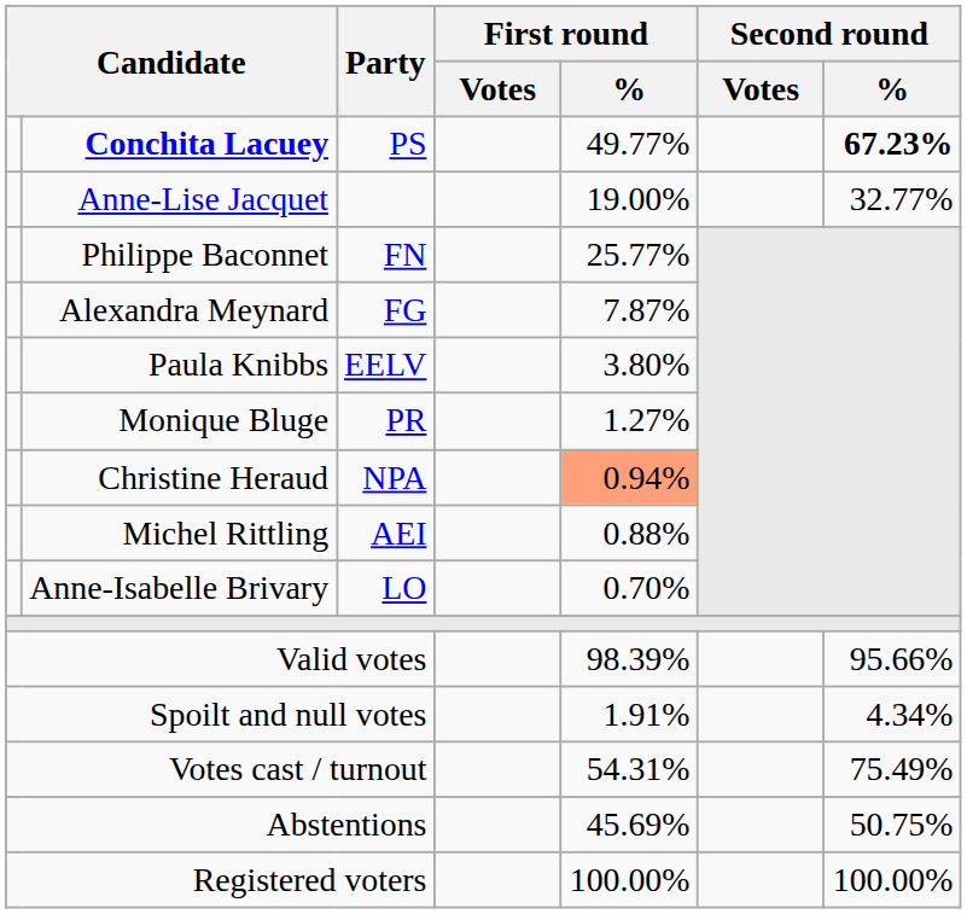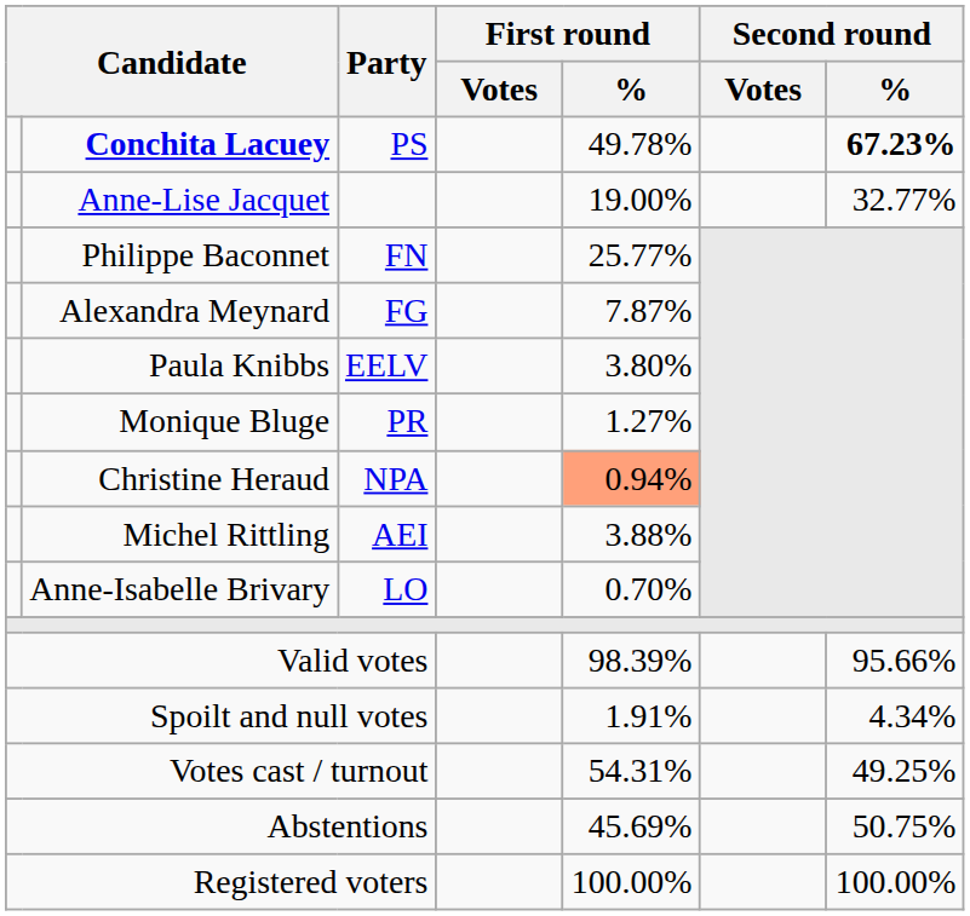 <table class="wikitable" style="text-align:right;font-size:95%;">
 <tr>
 <th rowspan=2 colspan=2>Candidate</th>
 <th rowspan=2 colspan=1>Party</th>
 <th colspan=2>First round</th>
 <th colspan=2>Second round</th>
 </tr>
 <tr>
 <th style="width:50px;">Votes</th>
 <th style="width:55px;">%</th>
 <th style="width:50px;">Votes</th>
 <th style="width:55px;">%</th>
 </tr>
 <tr>
 <td style="color:inherit;background-color:"></td>
 <td><strong><a href='#'>Conchita Lacuey</a></strong></td>
 <td><a href='#'>PS</a></td>
 <td></td>
-<td>49.77%</td>
+<td>49.78%</td>
 <td><strong></strong></td>
 <td><strong>67.23%</strong></td>
 </tr>
 <tr>
 <td style="background-color:;"></td>
 <td><a href='#'>Anne-Lise Jacquet</a></td>
 <td></td>
 <td></td>
 <td>19.00%</td>
 <td></td>
 <td>32.77%</td>
 </tr>
 <tr>
 <td style="color:inherit;background-color:"></td>
 <td>Philippe Baconnet</td>
 <td><a href='#'>FN</a></td>
 <td></td>
 <td>25.77%</td>
 <td colspan=7 rowspan=7 style="background-color:#E9E9E9;"></td>
 </tr>
 <tr>
 <td style="color:inherit;background-color:"></td>
 <td>Alexandra Meynard</td>
 <td><a href='#'>FG</a></td>
 <td></td>
 <td>7.87%</td>
 </tr>
 <tr>
 <td style="color:inherit;background-color:"></td>
 <td>Paula Knibbs</td>
 <td><a href='#'>EELV</a></td>
 <td></td>
 <td>3.80%</td>
 </tr>
 <tr>
 <td style="color:inherit;background-color:"></td>
 <td>Monique Bluge</td>
 <td><a href='#'>PR</a></td>
 <td></td>
 <td>1.27%</td>
 </tr>
 <tr>
 <td style="color:inherit;background-color:"></td>
 <td>Christine Heraud</td>
 <td><a href='#'>NPA</a></td>
 <td></td>
 <td style="background: lightsalmon;">0.94%</td>
 </tr>
 <tr>
 <td style="color:inherit;background-color:"></td>
 <td>Michel Rittling</td>
 <td><a href='#'>AEI</a></td>
 <td></td>
-<td>0.88%</td>
+<td>3.88%</td>
 </tr>
 <tr>
 <td style="color:inherit;background-color:"></td>
 <td>Anne-Isabelle Brivary</td>
 <td><a href='#'>LO</a></td>
 <td></td>
 <td>0.70%</td>
 </tr>
 <tr>
 <td colspan=7 style="background-color:#E9E9E9;"></td>
 </tr>
 <tr>
 <td colspan=3>Valid votes</td>
 <td></td>
 <td>98.39%</td>
 <td></td>
 <td>95.66%</td>
 </tr>
 <tr>
 <td colspan=3>Spoilt and null votes</td>
 <td></td>
 <td>1.91%</td>
 <td></td>
 <td>4.34%</td>
 </tr>
 <tr>
 <td colspan=3>Votes cast / turnout</td>
 <td></td>
 <td>54.31%</td>
 <td></td>
-<td>75.49%</td>
+<td>49.25%</td>
 </tr>
 <tr>
 <td colspan=3>Abstentions</td>
 <td></td>
 <td>45.69%</td>
 <td></td>
 <td>50.75%</td>
 </tr>
 <tr>
 <td colspan=3>Registered voters</td>
 <td></td>
 <td>100.00%</td>
 <td></td>
 <td>100.00%</td>
 </tr>
 </table>
